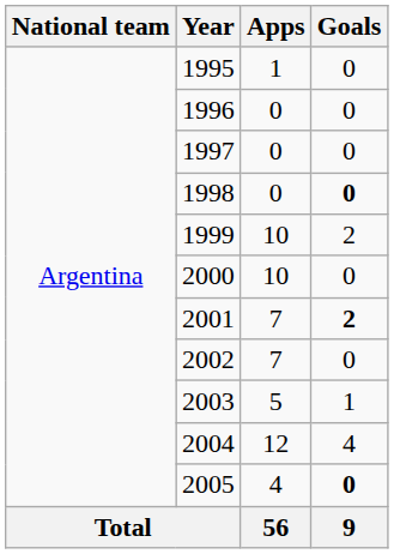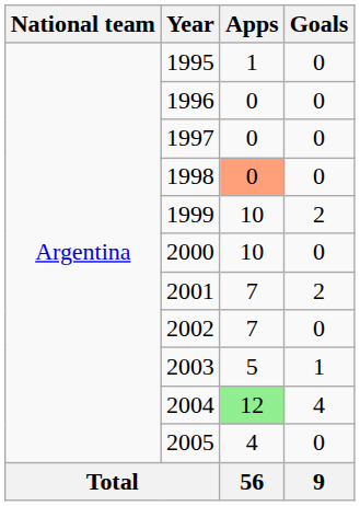 <table class="wikitable" style="text-align:center">
 <tr>
 <th>National team</th>
 <th>Year</th>
 <th>Apps</th>
 <th>Goals</th>
 </tr>
 <tr>
 <td rowspan="11"><a href='#'>Argentina</a></td>
 <td>1995</td>
 <td>1</td>
 <td>0</td>
 </tr>
 <tr>
 <td>1996</td>
 <td>0</td>
 <td>0</td>
 </tr>
 <tr>
 <td>1997</td>
 <td>0</td>
 <td>0</td>
 </tr>
 <tr>
 <td>1998</td>
+<td style="background: lightsalmon;">0</td>
 <td>0</td>
-<td><strong>0</strong></td>
 </tr>
 <tr>
 <td>1999</td>
 <td>10</td>
 <td>2</td>
 </tr>
 <tr>
 <td>2000</td>
 <td>10</td>
 <td>0</td>
 </tr>
 <tr>
 <td>2001</td>
 <td>7</td>
-<td><strong>2</strong></td>
+<td>2</td>
 </tr>
 <tr>
 <td>2002</td>
 <td>7</td>
 <td>0</td>
 </tr>
 <tr>
 <td>2003</td>
 <td>5</td>
 <td>1</td>
 </tr>
 <tr>
 <td>2004</td>
-<td>12</td>
+<td style="background: lightgreen;">12</td>
 <td>4</td>
 </tr>
 <tr>
 <td>2005</td>
 <td>4</td>
-<td><strong>0</strong></td>
+<td>0</td>
 </tr>
 <tr>
 <th colspan="2">Total</th>
 <th>56</th>
 <th>9</th>
 </tr>
 </table>
